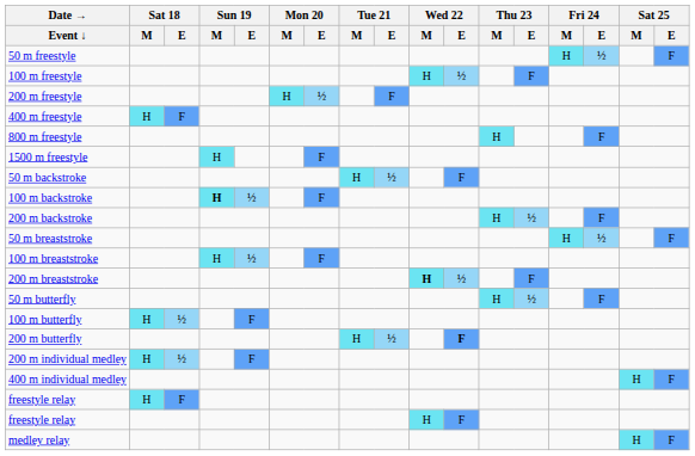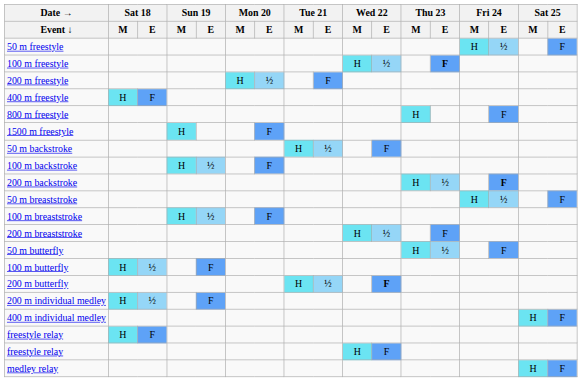 <table class="wikitable" style="margin:0.5em auto; font-size:95%; line-height:1.25em;">
 <tr style="text-align:center;">
 <th>Date →</th>
 <th colspan="2">Sat 18</th>
 <th colspan="2">Sun 19</th>
 <th colspan="2">Mon 20</th>
 <th colspan="2">Tue 21</th>
 <th colspan="2">Wed 22</th>
 <th colspan="2">Thu 23</th>
 <th colspan="2">Fri 24</th>
 <th colspan="2">Sat 25</th>
 </tr>
 <tr>
 <th>Event   ↓</th>
 <th style="width:2.5em;">M</th>
 <th style="width:2.5em;">E</th>
 <th style="width:2.5em;">M</th>
 <th style="width:2.5em;">E</th>
 <th style="width:2.5em;">M</th>
 <th style="width:2.5em;">E</th>
 <th style="width:2.5em;">M</th>
 <th style="width:2.5em;">E</th>
 <th style="width:2.5em;">M</th>
 <th style="width:2.5em;">E</th>
 <th style="width:2.5em;">M</th>
 <th style="width:2.5em;">E</th>
 <th style="width:2.5em;">M</th>
 <th style="width:2.5em;">E</th>
 <th style="width:2.5em;">M</th>
 <th style="width:2.5em;">E</th>
 </tr>
 <tr style="text-align:center;">
 <td style="text-align:left;"><a href='#'>50 m freestyle</a></td>
 <td colspan="2"></td>
 <td colspan="2"></td>
 <td colspan="2"></td>
 <td colspan="2"></td>
 <td colspan="2"></td>
 <td colspan="2"></td>
 <td style="background-color:#6be4f2;">H</td>
 <td style="background-color:#95d6f7;">½</td>
 <td></td>
 <td style="background-color:#5ea2f7;">F</td>
 </tr>
 <tr style="text-align:center;">
 <td style="text-align:left;"><a href='#'>100 m freestyle</a></td>
 <td colspan="2"></td>
 <td colspan="2"></td>
 <td colspan="2"></td>
 <td colspan="2"></td>
 <td style="background-color:#6be4f2;">H</td>
 <td style="background-color:#95d6f7;">½</td>
 <td></td>
-<td style="background-color:#5ea2f7;">F</td>
+<td style="background-color:#5ea2f7;"><strong>F</strong></td>
 <td colspan="2"></td>
 <td colspan="2"></td>
 </tr>
 <tr style="text-align:center;">
 <td style="text-align:left;"><a href='#'>200 m freestyle</a></td>
 <td colspan="2"></td>
 <td colspan="2"></td>
 <td style="background-color:#6be4f2;">H</td>
 <td style="background-color:#95d6f7;">½</td>
 <td></td>
 <td style="background-color:#5ea2f7;">F</td>
 <td colspan="2"></td>
 <td colspan="2"></td>
 <td colspan="2"></td>
 <td colspan="2"></td>
 </tr>
 <tr style="text-align:center;">
 <td style="text-align:left;"><a href='#'>400 m freestyle</a></td>
 <td style="background-color:#6be4f2;">H</td>
 <td style="background-color:#5ea2f7;">F</td>
 <td colspan="2"></td>
 <td colspan="2"></td>
 <td colspan="2"></td>
 <td colspan="2"></td>
 <td colspan="2"></td>
 <td colspan="2"></td>
 <td colspan="2"></td>
 </tr>
 <tr style="text-align:center;">
 <td style="text-align:left;"><a href='#'>800 m freestyle</a></td>
 <td colspan="2"></td>
 <td colspan="2"></td>
 <td colspan="2"></td>
 <td colspan="2"></td>
 <td colspan="2"></td>
 <td style="background-color:#6be4f2;">H</td>
 <td></td>
 <td></td>
 <td style="background-color:#5ea2f7;">F</td>
 <td colspan="2"></td>
 </tr>
 <tr style="text-align:center;">
 <td style="text-align:left;"><a href='#'>1500 m freestyle</a></td>
 <td colspan="2"></td>
 <td style="background-color:#6be4f2;">H</td>
 <td></td>
 <td></td>
 <td style="background-color:#5ea2f7;">F</td>
 <td colspan="2"></td>
 <td colspan="2"></td>
 <td colspan="2"></td>
 <td colspan="2"></td>
 <td colspan="2"></td>
 </tr>
 <tr style="text-align:center;">
 <td style="text-align:left;"><a href='#'>50 m backstroke</a></td>
 <td colspan="2"></td>
 <td colspan="2"></td>
 <td colspan="2"></td>
 <td style="background-color:#6be4f2;">H</td>
 <td style="background-color:#95d6f7;">½</td>
 <td></td>
 <td style="background-color:#5ea2f7;">F</td>
 <td colspan="2"></td>
 <td colspan="2"></td>
 <td colspan="2"></td>
 </tr>
 <tr style="text-align:center;">
 <td style="text-align:left;"><a href='#'>100 m backstroke</a></td>
 <td colspan="2"></td>
-<td style="background-color:#6be4f2;"><strong>H</strong></td>
+<td style="background-color:#6be4f2;">H</td>
 <td style="background-color:#95d6f7;">½</td>
 <td></td>
 <td style="background-color:#5ea2f7;">F</td>
 <td colspan="2"></td>
 <td colspan="2"></td>
 <td colspan="2"></td>
 <td colspan="2"></td>
 <td colspan="2"></td>
 </tr>
 <tr style="text-align:center;">
 <td style="text-align:left;"><a href='#'>200 m backstroke</a></td>
 <td colspan="2"></td>
 <td colspan="2"></td>
 <td colspan="2"></td>
 <td colspan="2"></td>
 <td colspan="2"></td>
 <td style="background-color:#6be4f2;">H</td>
 <td style="background-color:#95d6f7;">½</td>
 <td></td>
-<td style="background-color:#5ea2f7;">F</td>
+<td style="background-color:#5ea2f7;"><strong>F</strong></td>
 <td colspan="2"></td>
 </tr>
 <tr style="text-align:center;">
 <td style="text-align:left;"><a href='#'>50 m breaststroke</a></td>
 <td colspan="2"></td>
 <td colspan="2"></td>
 <td colspan="2"></td>
 <td colspan="2"></td>
 <td colspan="2"></td>
 <td colspan="2"></td>
 <td style="background-color:#6be4f2;">H</td>
 <td style="background-color:#95d6f7;">½</td>
 <td></td>
 <td style="background-color:#5ea2f7;">F</td>
 </tr>
 <tr style="text-align:center;">
 <td style="text-align:left;"><a href='#'>100 m breaststroke</a></td>
 <td colspan="2"></td>
 <td style="background-color:#6be4f2;">H</td>
 <td style="background-color:#95d6f7;">½</td>
 <td></td>
 <td style="background-color:#5ea2f7;">F</td>
 <td colspan="2"></td>
 <td colspan="2"></td>
 <td colspan="2"></td>
 <td colspan="2"></td>
 <td colspan="2"></td>
 </tr>
 <tr style="text-align:center;">
 <td style="text-align:left;"><a href='#'>200 m breaststroke</a></td>
 <td colspan="2"></td>
 <td colspan="2"></td>
 <td colspan="2"></td>
 <td colspan="2"></td>
-<td style="background-color:#6be4f2;"><strong>H</strong></td>
+<td style="background-color:#6be4f2;">H</td>
 <td style="background-color:#95d6f7;">½</td>
 <td></td>
 <td style="background-color:#5ea2f7;">F</td>
 <td colspan="2"></td>
 <td colspan="2"></td>
 </tr>
 <tr style="text-align:center;">
 <td style="text-align:left;"><a href='#'>50 m butterfly</a></td>
 <td colspan="2"></td>
 <td colspan="2"></td>
 <td colspan="2"></td>
 <td colspan="2"></td>
 <td colspan="2"></td>
 <td style="background-color:#6be4f2;">H</td>
 <td style="background-color:#95d6f7;">½</td>
 <td></td>
 <td style="background-color:#5ea2f7;">F</td>
 <td colspan="2"></td>
 </tr>
 <tr style="text-align:center;">
 <td style="text-align:left;"><a href='#'>100 m butterfly</a></td>
 <td style="background-color:#6be4f2;">H</td>
 <td style="background-color:#95d6f7;">½</td>
 <td></td>
 <td style="background-color:#5ea2f7;">F</td>
 <td colspan="2"></td>
 <td colspan="2"></td>
 <td colspan="2"></td>
 <td colspan="2"></td>
 <td colspan="2"></td>
 <td colspan="2"></td>
 </tr>
 <tr style="text-align:center;">
 <td style="text-align:left;"><a href='#'>200 m butterfly</a></td>
 <td colspan="2"></td>
 <td colspan="2"></td>
 <td colspan="2"></td>
 <td style="background-color:#6be4f2;">H</td>
 <td style="background-color:#95d6f7;">½</td>
 <td></td>
 <td style="background-color:#5ea2f7;"><strong>F</strong></td>
 <td colspan="2"></td>
 <td colspan="2"></td>
 <td colspan="2"></td>
 </tr>
 <tr style="text-align:center;">
 <td style="text-align:left;"><a href='#'>200 m individual medley</a></td>
 <td style="background-color:#6be4f2;">H</td>
 <td style="background-color:#95d6f7;">½</td>
 <td></td>
 <td style="background-color:#5ea2f7;">F</td>
 <td colspan="2"></td>
 <td colspan="2"></td>
 <td colspan="2"></td>
 <td colspan="2"></td>
 <td colspan="2"></td>
 <td colspan="2"></td>
 </tr>
 <tr style="text-align:center;">
 <td style="text-align:left;"><a href='#'>400 m individual medley</a></td>
 <td colspan="2"></td>
 <td colspan="2"></td>
 <td colspan="2"></td>
 <td colspan="2"></td>
 <td colspan="2"></td>
 <td colspan="2"></td>
 <td colspan="2"></td>
 <td style="background-color:#6be4f2;">H</td>
 <td style="background-color:#5ea2f7;">F</td>
 </tr>
 <tr style="text-align:center;">
 <td style="text-align:left;"><a href='#'> freestyle relay</a></td>
 <td style="background-color:#6be4f2;">H</td>
 <td style="background-color:#5ea2f7;">F</td>
 <td colspan="2"></td>
 <td colspan="2"></td>
 <td colspan="2"></td>
 <td colspan="2"></td>
 <td colspan="2"></td>
 <td colspan="2"></td>
 <td colspan="2"></td>
 </tr>
 <tr style="text-align:center;">
 <td style="text-align:left;"><a href='#'> freestyle relay</a></td>
 <td colspan="2"></td>
 <td colspan="2"></td>
 <td colspan="2"></td>
 <td colspan="2"></td>
 <td style="background-color:#6be4f2;">H</td>
 <td style="background-color:#5ea2f7;">F</td>
 <td colspan="2"></td>
 <td colspan="2"></td>
 <td colspan="2"></td>
 </tr>
 <tr style="text-align:center;">
 <td style="text-align:left;"><a href='#'> medley relay</a></td>
 <td colspan="2"></td>
 <td colspan="2"></td>
 <td colspan="2"></td>
 <td colspan="2"></td>
 <td colspan="2"></td>
 <td colspan="2"></td>
 <td colspan="2"></td>
 <td style="background-color:#6be4f2;">H</td>
 <td style="background-color:#5ea2f7;">F</td>
 </tr>
 </table>
